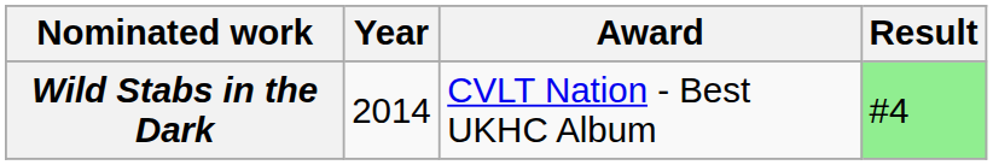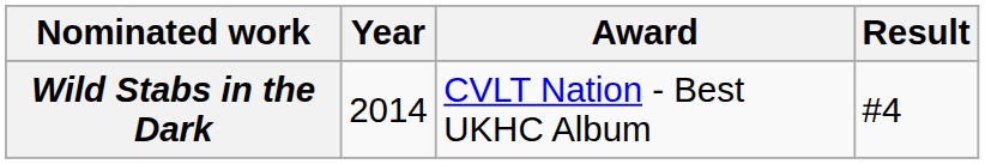 <table class="wikitable plainrowheaders" style="width:50%;">
 <tr>
 <th>Nominated work</th>
 <th>Year</th>
 <th>Award</th>
 <th>Result</th>
 </tr>
 <tr>
 <th rowspan="2" scope="row"><em>Wild Stabs in the Dark</em></th>
 <td rowspan="2">2014</td>
 <td><a href='#'>CVLT Nation</a> - Best UKHC Album</td>
-<td style="background: lightgreen;">#4</td>
+<td>#4</td>
 </tr>
 </table>
